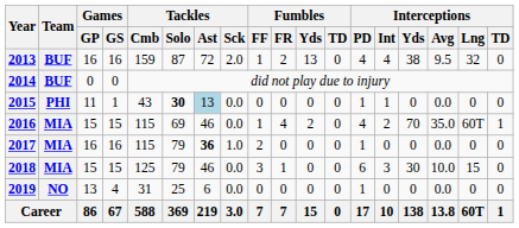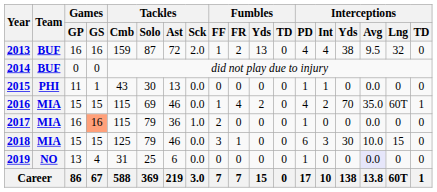 <table class=wikitable style="text-align:center;">
 <tr>
 <th rowspan="2">Year</th>
 <th rowspan="2">Team</th>
 <th colspan="2">Games</th>
 <th colspan="4">Tackles</th>
 <th colspan="4">Fumbles</th>
 <th colspan="6">Interceptions</th>
 </tr>
 <tr>
 <th>GP</th>
 <th>GS</th>
 <th>Cmb</th>
 <th>Solo</th>
 <th>Ast</th>
 <th>Sck</th>
 <th>FF</th>
 <th>FR</th>
 <th>Yds</th>
 <th>TD</th>
 <th>PD</th>
 <th>Int</th>
 <th>Yds</th>
 <th>Avg</th>
 <th>Lng</th>
 <th>TD</th>
 </tr>
 <tr>
 <th><a href='#'>2013</a></th>
 <th><a href='#'>BUF</a></th>
 <td>16</td>
 <td>16</td>
 <td>159</td>
 <td>87</td>
 <td>72</td>
 <td>2.0</td>
 <td>1</td>
 <td>2</td>
 <td>13</td>
 <td>0</td>
 <td>4</td>
 <td>4</td>
 <td>38</td>
 <td>9.5</td>
 <td>32</td>
 <td>0</td>
 </tr>
 <tr>
 <th><a href='#'>2014</a></th>
 <th><a href='#'>BUF</a></th>
 <td>0</td>
 <td>0</td>
 <td colspan="14"><em>did not play due to injury</em></td>
 </tr>
 <tr>
 <th><a href='#'>2015</a></th>
 <th><a href='#'>PHI</a></th>
 <td>11</td>
 <td>1</td>
 <td>43</td>
-<td><strong>30</strong></td>
-<td style="background: lightblue;">13</td>
+<td>30</td>
+<td>13</td>
 <td>0.0</td>
 <td>0</td>
 <td>0</td>
 <td>0</td>
 <td>0</td>
 <td>1</td>
 <td>1</td>
 <td>0</td>
 <td>0.0</td>
 <td>0</td>
 <td>0</td>
 </tr>
 <tr>
 <th><a href='#'>2016</a></th>
 <th><a href='#'>MIA</a></th>
 <td>15</td>
 <td>15</td>
 <td>115</td>
 <td>69</td>
 <td>46</td>
 <td>0.0</td>
 <td>1</td>
 <td>4</td>
 <td>2</td>
 <td>0</td>
 <td>4</td>
 <td>2</td>
 <td>70</td>
 <td>35.0</td>
 <td>60T</td>
 <td>1</td>
 </tr>
 <tr>
 <th><a href='#'>2017</a></th>
 <th><a href='#'>MIA</a></th>
 <td>16</td>
-<td>16</td>
+<td style="background: lightsalmon;">16</td>
 <td>115</td>
 <td>79</td>
-<td><strong>36</strong></td>
+<td>36</td>
 <td>1.0</td>
 <td>2</td>
 <td>0</td>
 <td>0</td>
 <td>0</td>
 <td>1</td>
 <td>0</td>
 <td>0</td>
 <td>0.0</td>
 <td>0</td>
 <td>0</td>
 </tr>
 <tr>
 <th><a href='#'>2018</a></th>
 <th><a href='#'>MIA</a></th>
 <td>15</td>
 <td>15</td>
 <td>125</td>
 <td>79</td>
 <td>46</td>
 <td>0.0</td>
 <td>3</td>
 <td>1</td>
 <td>0</td>
 <td>0</td>
 <td>6</td>
 <td>3</td>
 <td>30</td>
 <td>10.0</td>
 <td>15</td>
 <td>0</td>
 </tr>
 <tr>
 <th><a href='#'>2019</a></th>
 <th><a href='#'>NO</a></th>
 <td>13</td>
 <td>4</td>
 <td>31</td>
 <td>25</td>
 <td>6</td>
 <td>0.0</td>
 <td>0</td>
 <td>0</td>
 <td>0</td>
 <td>0</td>
 <td>1</td>
 <td>0</td>
 <td>0</td>
-<td>0.0</td>
+<td style="background: lavender;">0.0</td>
 <td>0</td>
 <td>0</td>
 </tr>
 <tr>
 <th colspan="2">Career</th>
 <th>86</th>
 <th>67</th>
 <th>588</th>
 <th>369</th>
 <th>219</th>
 <th>3.0</th>
 <th>7</th>
 <th>7</th>
 <th>15</th>
 <th>0</th>
 <th>17</th>
 <th>10</th>
 <th>138</th>
 <th>13.8</th>
 <th>60T</th>
 <th>1</th>
 </tr>
 </table>
